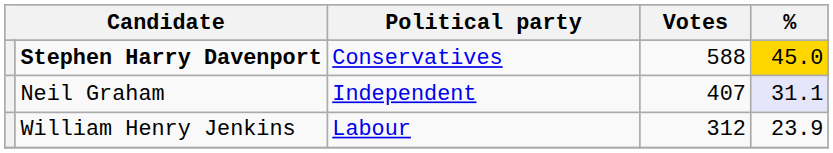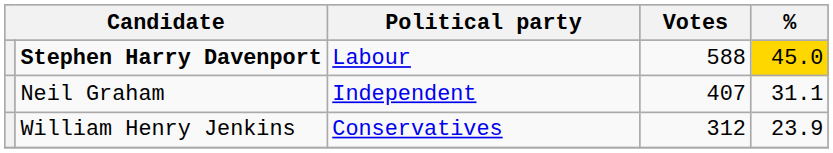 <table class="wikitable">
 <tr>
 <th valign=top colspan="2" style="width: 180px">Candidate</th>
 <th valign=top style="width: 180px">Political party</th>
 <th valign=top style="width: 60px">Votes</th>
 <th valign=top style="width: 40px">%</th>
 </tr>
 <tr>
 <th style="background-color: "></th>
 <td><strong>Stephen Harry Davenport</strong></td>
-<td><a href='#'>Conservatives</a></td>
+<td><a href='#'>Labour</a></td>
 <td align="right">588</td>
 <td align="right" style="background: gold;">45.0</td>
 </tr>
 <tr>
 <th style="background-color: "></th>
 <td>Neil Graham</td>
 <td><a href='#'>Independent</a></td>
 <td align="right">407</td>
-<td align="right" style="background: lavender;">31.1</td>
+<td align="right">31.1</td>
 </tr>
 <tr>
 <th style="background-color: "></th>
 <td>William Henry Jenkins</td>
-<td><a href='#'>Labour</a></td>
+<td><a href='#'>Conservatives</a></td>
 <td align="right">312</td>
 <td align="right">23.9</td>
 </tr>
 <tr>
 </tr>
 </table>
